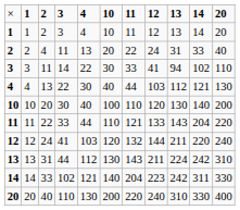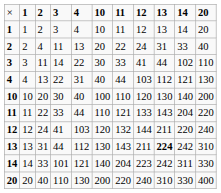 <table class="wikitable"; text-align:center">
 <tr>
 <td>×</td>
 <td><strong>1</strong></td>
 <td><strong>2</strong></td>
 <td><strong>3</strong></td>
 <td><strong>4</strong></td>
 <td><strong>10</strong></td>
 <td><strong>11</strong></td>
 <td><strong>12</strong></td>
 <td><strong>13</strong></td>
 <td><strong>14</strong></td>
 <td><strong>20</strong></td>
 </tr>
 <tr>
 <td><strong>1</strong></td>
 <td>1</td>
 <td>2</td>
 <td>3</td>
 <td>4</td>
 <td>10</td>
 <td>11</td>
 <td>12</td>
 <td>13</td>
 <td>14</td>
 <td>20</td>
 </tr>
 <tr>
 <td><strong>2</strong></td>
 <td>2</td>
 <td>4</td>
 <td>11</td>
 <td>13</td>
 <td>20</td>
 <td>22</td>
 <td>24</td>
 <td>31</td>
 <td>33</td>
 <td>40</td>
 </tr>
 <tr>
 <td><strong>3</strong></td>
 <td>3</td>
 <td>11</td>
 <td>14</td>
 <td>22</td>
 <td>30</td>
 <td>33</td>
 <td>41</td>
-<td>94</td>
+<td>44</td>
 <td>102</td>
 <td>110</td>
 </tr>
 <tr>
 <td><strong>4</strong></td>
 <td>4</td>
 <td>13</td>
 <td>22</td>
-<td>30</td>
+<td>31</td>
 <td>40</td>
 <td>44</td>
 <td>103</td>
 <td>112</td>
 <td>121</td>
 <td>130</td>
 </tr>
 <tr>
 <td><strong>10</strong></td>
 <td>10</td>
 <td>20</td>
 <td>30</td>
 <td>40</td>
 <td>100</td>
 <td>110</td>
 <td>120</td>
 <td>130</td>
 <td>140</td>
 <td>200</td>
 </tr>
 <tr>
 <td><strong>11</strong></td>
 <td>11</td>
 <td>22</td>
 <td>33</td>
 <td>44</td>
 <td>110</td>
 <td>121</td>
 <td>133</td>
 <td>143</td>
 <td>204</td>
 <td>220</td>
 </tr>
 <tr>
 <td><strong>12</strong></td>
 <td>12</td>
 <td>24</td>
 <td>41</td>
 <td>103</td>
 <td>120</td>
 <td>132</td>
 <td>144</td>
 <td>211</td>
 <td>220</td>
 <td>240</td>
 </tr>
 <tr>
 <td><strong>13</strong></td>
 <td>13</td>
 <td>31</td>
 <td>44</td>
 <td>112</td>
 <td>130</td>
 <td>143</td>
 <td>211</td>
-<td>224</td>
+<td><strong>224</strong></td>
 <td>242</td>
 <td>310</td>
 </tr>
 <tr>
 <td><strong>14</strong></td>
 <td>14</td>
 <td>33</td>
-<td>102</td>
+<td>101</td>
 <td>121</td>
 <td>140</td>
 <td>204</td>
 <td>223</td>
 <td>242</td>
 <td>311</td>
 <td>330</td>
 </tr>
 <tr>
 <td><strong>20</strong></td>
 <td>20</td>
 <td>40</td>
 <td>110</td>
 <td>130</td>
 <td>200</td>
 <td>220</td>
 <td>240</td>
 <td>310</td>
 <td>330</td>
 <td>400</td>
 </tr>
 </table>
